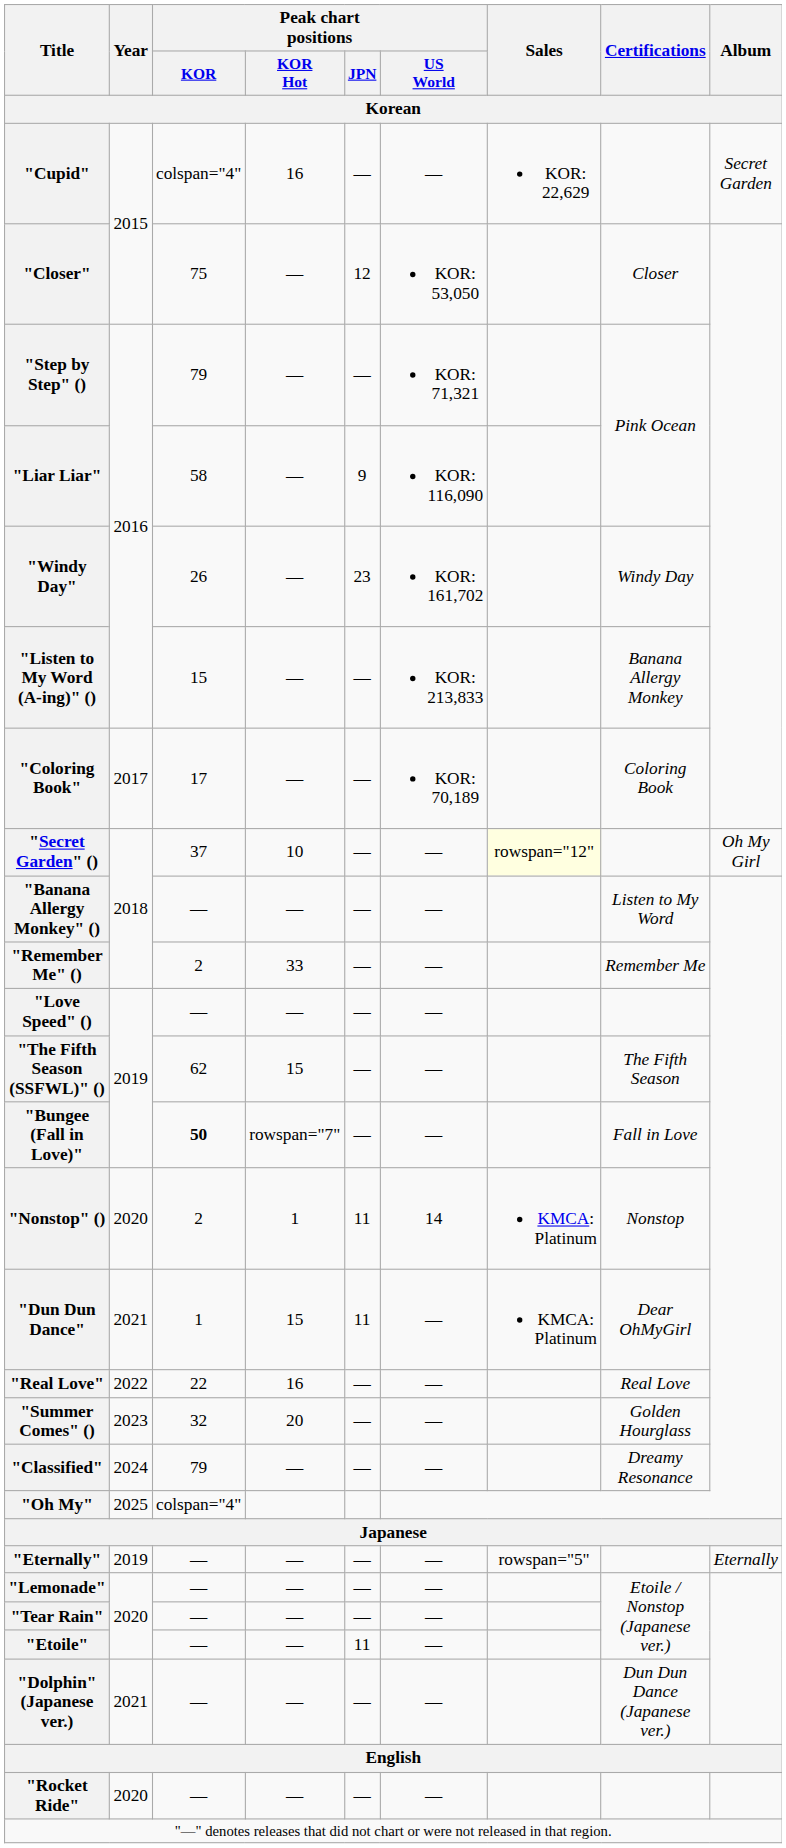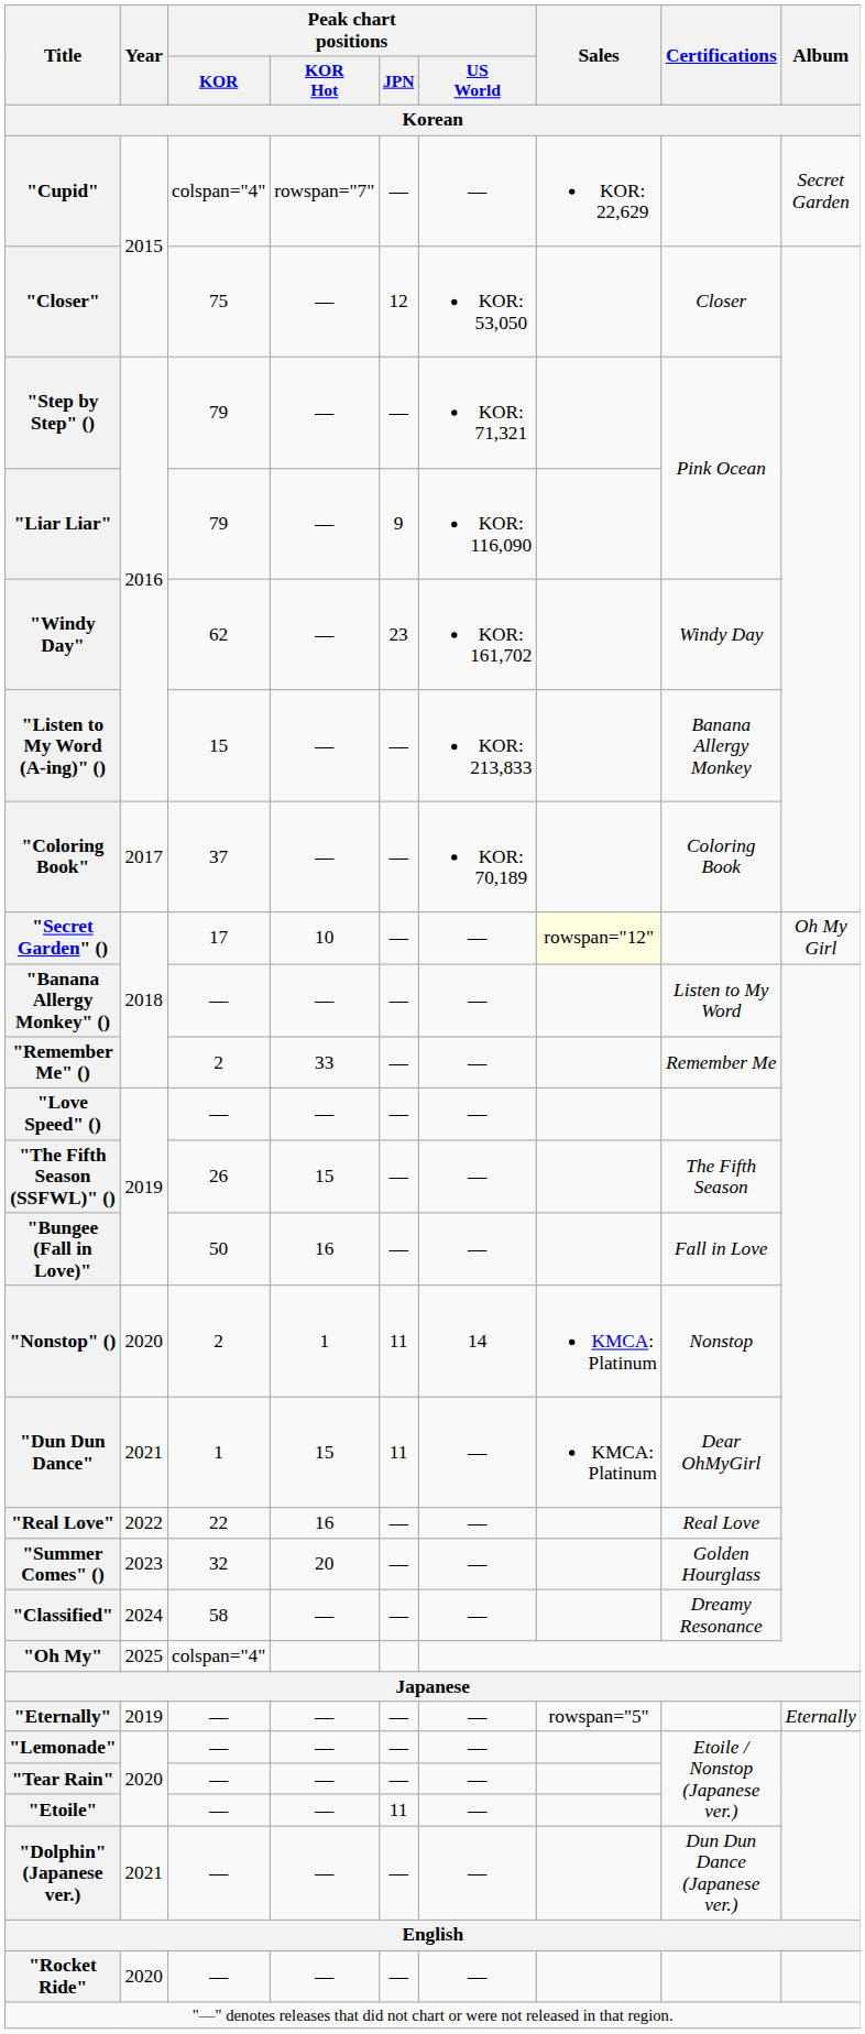 <table class="wikitable plainrowheaders" style="text-align:center;">
 <tr>
 <th scope="col" rowspan="2">Title</th>
 <th scope="col" rowspan="2">Year</th>
 <th scope="col" colspan="4">Peak chart<br>positions</th>
 <th scope="col" rowspan="2">Sales<br></th>
 <th scope="col" rowspan="2" style="width:12em;"><a href='#'>Certifications</a></th>
 <th scope="col" rowspan="2">Album</th>
 </tr>
 <tr>
 <th scope="col" style="width:3em;font-size:90%;"><a href='#'>KOR</a><br></th>
 <th scope="col" style="width:3em;font-size:90%;"><a href='#'>KOR<br>Hot</a><br></th>
 <th scope="col" style="width:3em;font-size:90%;"><a href='#'>JPN</a><br></th>
 <th scope="col" style="width:3em;font-size:90%;"><a href='#'>US<br>World</a><br></th>
 </tr>
 <tr>
 <th colspan="9">Korean</th>
 </tr>
 <tr>
 <th scope="row">"Cupid"</th>
 <td rowspan="2">2015</td>
 <td>colspan="4" </td>
-<td>16</td>
+<td>rowspan="7" </td>
 <td>—</td>
 <td>—</td>
 <td><br><ul><li>KOR: 22,629</li></ul></td>
 <td></td>
 <td><em>Secret Garden</em></td>
 </tr>
 <tr>
 <th scope="row">"Closer"</th>
 <td>75</td>
 <td>—</td>
 <td>12</td>
 <td><br><ul><li>KOR: 53,050</li></ul></td>
 <td></td>
 <td><em>Closer</em></td>
 </tr>
 <tr>
 <th scope="row">"Step by Step" ()</th>
 <td rowspan="4">2016</td>
 <td>79</td>
 <td>—</td>
 <td>—</td>
 <td><br><ul><li>KOR: 71,321 </li></ul></td>
 <td></td>
 <td rowspan="2"><em>Pink Ocean</em></td>
 </tr>
 <tr>
 <th scope="row">"Liar Liar"</th>
-<td>58</td>
+<td>79</td>
 <td>—</td>
 <td>9</td>
 <td><br><ul><li>KOR: 116,090</li></ul></td>
 <td></td>
 </tr>
 <tr>
 <th scope="row">"Windy Day"</th>
-<td>26</td>
+<td>62</td>
 <td>—</td>
 <td>23</td>
 <td><br><ul><li>KOR: 161,702</li></ul></td>
 <td></td>
 <td><em>Windy Day</em></td>
 </tr>
 <tr>
 <th scope="row">"Listen to My Word (A-ing)" ()<br></th>
 <td>15</td>
 <td>—</td>
 <td>—</td>
 <td><br><ul><li>KOR: 213,833</li></ul></td>
 <td></td>
 <td><em>Banana Allergy Monkey</em></td>
 </tr>
 <tr>
 <th scope="row">"Coloring Book"</th>
 <td>2017</td>
-<td>17</td>
+<td>37</td>
 <td>—</td>
 <td>—</td>
 <td><br><ul><li>KOR: 70,189</li></ul></td>
 <td></td>
 <td><em>Coloring Book</em></td>
 </tr>
 <tr>
 <th scope="row">"<a href='#'>Secret Garden</a>" ()</th>
 <td rowspan="3">2018</td>
-<td>37</td>
+<td>17</td>
 <td>10</td>
 <td>—</td>
 <td>—</td>
 <td style="background: lightyellow;">rowspan="12" </td>
 <td></td>
 <td><em>Oh My Girl</em></td>
 </tr>
 <tr>
 <th scope="row">"Banana Allergy Monkey" ()<br></th>
 <td>—</td>
 <td>—</td>
 <td>—</td>
 <td>—</td>
 <td></td>
 <td><em>Listen to My Word</em></td>
 </tr>
 <tr>
 <th scope="row">"Remember Me" ()</th>
 <td>2</td>
 <td>33</td>
 <td>—</td>
 <td>—</td>
 <td></td>
 <td><em>Remember Me</em></td>
 </tr>
 <tr>
 <th scope="row">"Love Speed" ()<br></th>
 <td rowspan="3">2019</td>
 <td>—</td>
 <td>—</td>
 <td>—</td>
 <td>—</td>
 <td></td>
 <td></td>
 </tr>
 <tr>
 <th scope="row">"The Fifth Season (SSFWL)" ()</th>
-<td>62</td>
+<td>26</td>
 <td>15</td>
 <td>—</td>
 <td>—</td>
 <td></td>
 <td><em>The Fifth Season</em></td>
 </tr>
 <tr>
 <th scope="row">"Bungee (Fall in Love)"</th>
-<td><strong>50</strong></td>
-<td>rowspan="7" </td>
+<td>50</td>
+<td>16</td>
 <td>—</td>
 <td>—</td>
 <td></td>
 <td><em>Fall in Love</em></td>
 </tr>
 <tr>
 <th scope="row">"Nonstop" ()</th>
 <td>2020</td>
 <td>2</td>
 <td>1</td>
 <td>11</td>
 <td>14</td>
 <td><br><ul><li><a href='#'>KMCA</a>: Platinum</li></ul></td>
 <td><em>Nonstop</em></td>
 </tr>
 <tr>
 <th scope="row">"Dun Dun Dance"</th>
 <td>2021</td>
 <td>1</td>
 <td>15</td>
 <td>11</td>
 <td>—</td>
 <td><br><ul><li>KMCA: Platinum</li></ul></td>
 <td><em>Dear OhMyGirl</em></td>
 </tr>
 <tr>
 <th scope="row">"Real Love"</th>
 <td>2022</td>
 <td>22</td>
 <td>16</td>
 <td>—</td>
 <td>—</td>
 <td></td>
 <td><em>Real Love</em></td>
 </tr>
 <tr>
 <th scope="row">"Summer Comes" ()</th>
 <td>2023</td>
 <td>32</td>
 <td>20</td>
 <td>—</td>
 <td>—</td>
 <td></td>
 <td><em>Golden Hourglass</em></td>
 </tr>
 <tr>
 <th scope="row">"Classified"</th>
 <td>2024</td>
-<td>79</td>
+<td>58</td>
 <td>—</td>
 <td>—</td>
 <td>—</td>
 <td></td>
 <td><em>Dreamy Resonance</em></td>
 </tr>
 <tr>
 <th scope="row">"Oh My"</th>
 <td>2025</td>
 <td>colspan="4" </td>
 <td></td>
 <td></td>
 </tr>
 <tr>
 <th colspan="9">Japanese</th>
 </tr>
 <tr>
 <th scope="row">"Eternally"</th>
 <td>2019</td>
 <td>—</td>
 <td>—</td>
 <td>—</td>
 <td>—</td>
 <td>rowspan="5" </td>
 <td></td>
 <td><em>Eternally</em></td>
 </tr>
 <tr>
 <th scope="row">"Lemonade"</th>
 <td rowspan="3">2020</td>
 <td>—</td>
 <td>—</td>
 <td>—</td>
 <td>—</td>
 <td></td>
 <td rowspan="3"><em>Etoile / Nonstop (Japanese ver.)</em></td>
 </tr>
 <tr>
 <th scope="row">"Tear Rain"</th>
 <td>—</td>
 <td>—</td>
 <td>—</td>
 <td>—</td>
 <td></td>
 </tr>
 <tr>
 <th scope="row">"Etoile"</th>
 <td>—</td>
 <td>—</td>
 <td>11</td>
 <td>—</td>
 <td></td>
 </tr>
 <tr>
 <th scope="row">"Dolphin" (Japanese ver.)</th>
 <td>2021</td>
 <td>—</td>
 <td>—</td>
 <td>—</td>
 <td>—</td>
 <td></td>
 <td><em>Dun Dun Dance (Japanese ver.)</em></td>
 </tr>
 <tr>
 <th colspan="9">English</th>
 </tr>
 <tr>
 <th scope="row">"Rocket Ride"</th>
 <td>2020</td>
 <td>—</td>
 <td>—</td>
 <td>—</td>
 <td>—</td>
 <td></td>
 <td></td>
 <td></td>
 </tr>
 <tr>
 <td colspan="9" style="font-size:85%;">"—" denotes releases that did not chart or were not released in that region.</td>
 </tr>
 </table>
